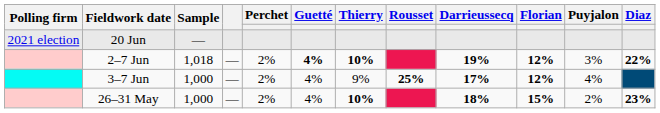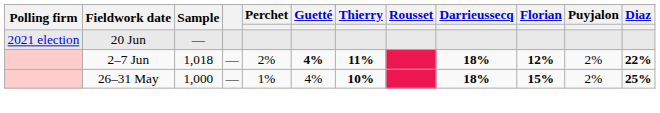 <table class="wikitable" style="text-align:center;font-size:88%;line-height:14px;">
 <tr>
 <th rowspan="2">Polling firm</th>
 <th rowspan="2">Fieldwork date</th>
 <th rowspan="2">Sample</th>
 <th rowspan="2"></th>
 <th>Perchet<br></th>
 <th><a href='#'>Guetté</a><br></th>
 <th><a href='#'>Thierry</a><br></th>
 <th><a href='#'>Rousset</a><br></th>
 <th><a href='#'>Darrieussecq</a><br></th>
 <th><a href='#'>Florian</a><br></th>
 <th>Puyjalon<br></th>
 <th><a href='#'>Diaz</a><br></th>
 </tr>
 <tr>
 <th style="background:"></th>
 <th style="background:"></th>
 <th style="background:"></th>
 <th style="background:"></th>
 <th style="background:"></th>
 <th style="background:"></th>
 <th style="background:"></th>
 <th style="background:"></th>
 </tr>
 <tr style="background:#E9E9E9;">
 <td><a href='#'>2021 election</a></td>
 <td data-sort-value="2021-06-20">20 Jun</td>
 <td>—</td>
 <td></td>
 <td></td>
 <td></td>
 <td></td>
 <td></td>
 <td></td>
 <td></td>
 <td></td>
 <td></td>
 </tr>
 <tr>
 <td style="background:#FFCCCC;"></td>
 <td>2–7 Jun</td>
 <td>1,018</td>
 <td>—</td>
 <td>2%</td>
 <td><strong>4%</strong></td>
-<td><strong>10%</strong></td>
+<td><strong>11%</strong></td>
 <td style="background:#ED1651;"><strong></strong></td>
-<td><strong>19%</strong></td>
+<td><strong>18%</strong></td>
 <td><strong>12%</strong></td>
-<td>3%</td>
+<td>2%</td>
 <td><strong>22%</strong></td>
-</tr>
-<tr>
-<td style="background:#04FBF4;"></td>
-<td>3–7 Jun</td>
-<td>1,000</td>
-<td>—</td>
-<td>2%</td>
-<td>4%</td>
-<td>9%</td>
-<td><strong>25%</strong></td>
-<td><strong>17%</strong></td>
-<td><strong>12%</strong></td>
-<td>4%</td>
-<td style="background:#004A77;"><strong></strong></td>
 </tr>
 <tr>
 <td style="background:#FFCCCC;"></td>
 <td>26–31 May</td>
 <td>1,000</td>
 <td>—</td>
-<td>2%</td>
+<td>1%</td>
 <td>4%</td>
 <td><strong>10%</strong></td>
 <td style="background:#ED1651;"><strong></strong></td>
 <td><strong>18%</strong></td>
 <td><strong>15%</strong></td>
 <td>2%</td>
-<td><strong>23%</strong></td>
+<td><strong>25%</strong></td>
 </tr>
 </table>
